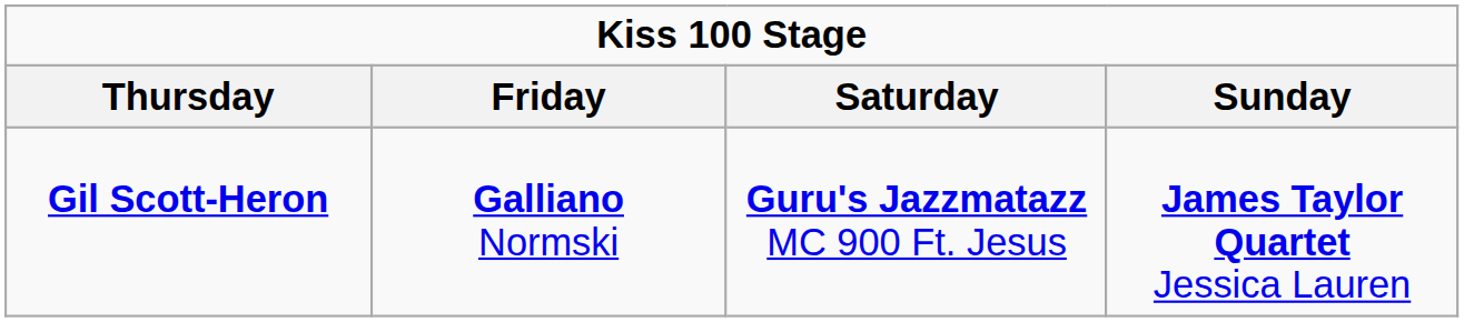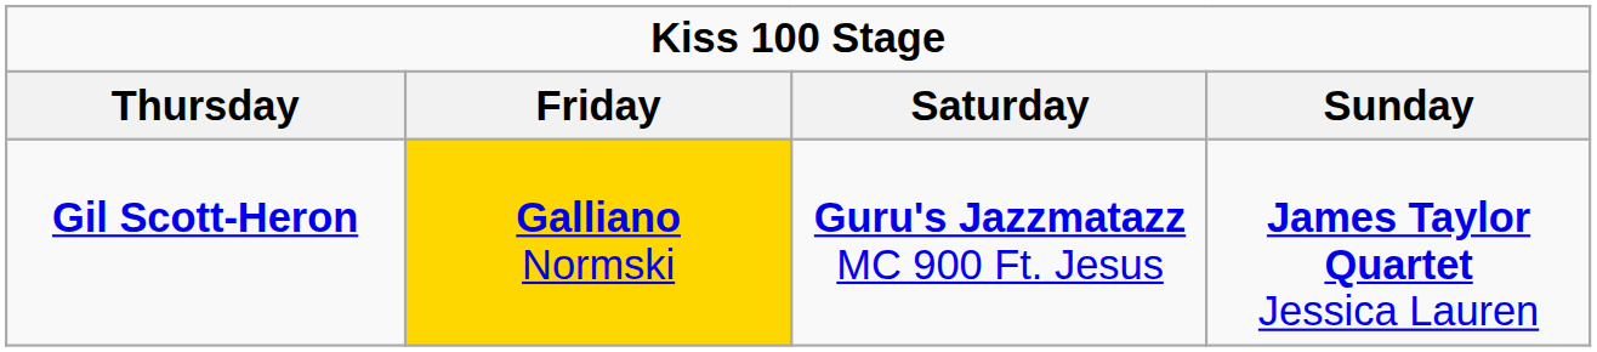 <table class="wikitable">
 <tr>
 <td colspan="4" style="text-align:center;"><strong>Kiss 100 Stage</strong></td>
 </tr>
 <tr>
 <th>Thursday</th>
 <th>Friday</th>
 <th>Saturday</th>
 <th>Sunday</th>
 </tr>
 <tr>
 <td style="text-align:center; vertical-align:top; width:200px;"><br><strong><a href='#'>Gil Scott-Heron</a></strong></td>
-<td style="text-align:center; vertical-align:top; width:200px;"><br><strong><a href='#'>Galliano</a></strong><br> <a href='#'>Normski</a></td>
+<td style="background: gold; text-align:center; vertical-align:top; width:200px;"><br><strong><a href='#'>Galliano</a></strong><br> <a href='#'>Normski</a></td>
 <td style="text-align:center; vertical-align:top; width:200px;"><br><strong><a href='#'>Guru's Jazzmatazz</a></strong><br> <a href='#'>MC 900 Ft. Jesus</a></td>
 <td style="text-align:center; vertical-align:top; width:200px;"><br><strong><a href='#'>James Taylor Quartet</a></strong><br> <a href='#'>Jessica Lauren</a></td>
 </tr>
 </table>
